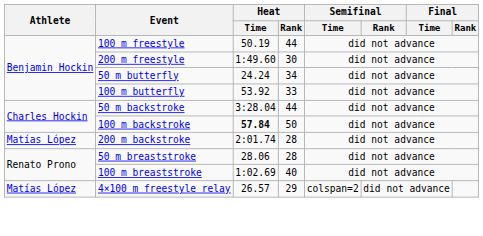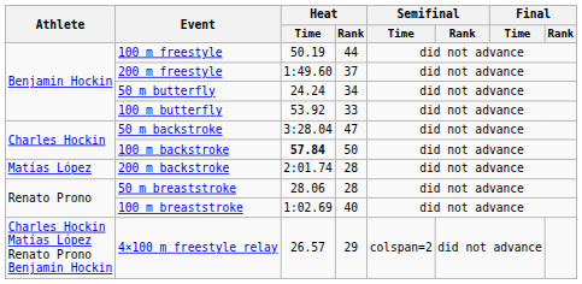 <table class=wikitable style="font-size:90%">
 <tr>
 <th rowspan="2">Athlete</th>
 <th rowspan="2">Event</th>
 <th colspan="2">Heat</th>
 <th colspan="2">Semifinal</th>
 <th colspan="2">Final</th>
 </tr>
 <tr style="font-size:95%">
 <th>Time</th>
 <th>Rank</th>
 <th>Time</th>
 <th>Rank</th>
 <th>Time</th>
 <th>Rank</th>
 </tr>
 <tr align=center>
 <td align=left rowspan=4><a href='#'>Benjamin Hockin</a></td>
 <td align=left><a href='#'>100 m freestyle</a></td>
 <td>50.19</td>
 <td>44</td>
 <td colspan=4>did not advance</td>
 </tr>
 <tr align=center>
 <td align=left><a href='#'>200 m freestyle</a></td>
 <td>1:49.60</td>
-<td>30</td>
+<td>37</td>
 <td colspan=4>did not advance</td>
 </tr>
 <tr align=center>
 <td align=left><a href='#'>50 m butterfly</a></td>
 <td>24.24</td>
 <td>34</td>
 <td colspan=4>did not advance</td>
 </tr>
 <tr align=center>
 <td align=left><a href='#'>100 m butterfly</a></td>
 <td>53.92</td>
 <td>33</td>
 <td colspan=4>did not advance</td>
 </tr>
 <tr align=center>
 <td align=left rowspan=2><a href='#'>Charles Hockin</a></td>
 <td align=left><a href='#'>50 m backstroke</a></td>
 <td>3:28.04</td>
-<td>44</td>
+<td>47</td>
 <td colspan=4>did not advance</td>
 </tr>
 <tr align=center>
 <td align=left><a href='#'>100 m backstroke</a></td>
 <td><strong>57.84</strong></td>
 <td>50</td>
 <td colspan=4>did not advance</td>
 </tr>
 <tr align=center>
 <td align=left><a href='#'>Matías López</a></td>
 <td align=left><a href='#'>200 m backstroke</a></td>
 <td>2:01.74</td>
 <td>28</td>
 <td colspan=4>did not advance</td>
 </tr>
 <tr align=center>
 <td align=left rowspan=2>Renato Prono</td>
 <td align=left><a href='#'>50 m breaststroke</a></td>
 <td>28.06</td>
 <td>28</td>
 <td colspan=4>did not advance</td>
 </tr>
 <tr align=center>
 <td align=left><a href='#'>100 m breaststroke</a></td>
 <td>1:02.69</td>
 <td>40</td>
 <td colspan=4>did not advance</td>
 </tr>
 <tr align=center>
-<td align=left><a href='#'>Matías López</a></td>
+<td align=left><a href='#'>Charles Hockin</a><br><a href='#'>Matías López</a><br>Renato Prono<br><a href='#'>Benjamin Hockin</a></td>
 <td align=left><a href='#'>4×100 m freestyle relay</a></td>
 <td>26.57</td>
 <td>29</td>
 <td>colspan=2 </td>
 <td colspan=2>did not advance</td>
 </tr>
 </table>
